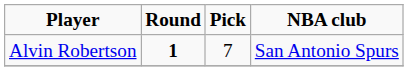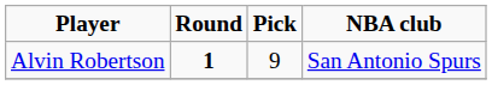 <table class="wikitable">
 <tr align="center">
 <td><strong>Player</strong></td>
 <td><strong>Round</strong></td>
 <td><strong>Pick</strong></td>
 <td><strong>NBA club</strong></td>
 </tr>
 <tr align="center" bgcolor="">
 <td><a href='#'>Alvin Robertson</a></td>
 <td><strong>1</strong></td>
-<td>7</td>
+<td>9</td>
 <td><a href='#'>San Antonio Spurs</a></td>
 </tr>
 <tr align="center" bgcolor="">
 </tr>
 </table>
